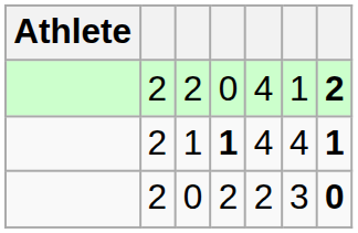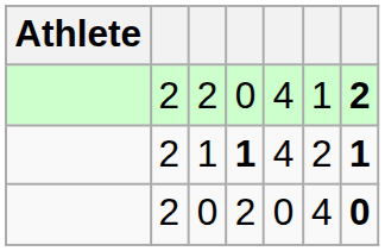 <table class=wikitable style="text-align:center">
 <tr>
 <th>Athlete</th>
 <th></th>
 <th></th>
 <th></th>
 <th></th>
 <th></th>
 <th></th>
 </tr>
 <tr bgcolor=ccffcc>
 <td style="text-align:left"></td>
 <td>2</td>
 <td>2</td>
 <td>0</td>
 <td>4</td>
 <td>1</td>
 <td><strong>2</strong></td>
 </tr>
 <tr>
 <td style="text-align:left"></td>
 <td>2</td>
 <td>1</td>
 <td><strong>1</strong></td>
 <td>4</td>
-<td>4</td>
+<td>2</td>
 <td><strong>1</strong></td>
 </tr>
 <tr>
 <td style="text-align:left"></td>
 <td>2</td>
 <td>0</td>
 <td>2</td>
-<td>2</td>
-<td>3</td>
+<td>0</td>
+<td>4</td>
 <td><strong>0</strong></td>
 </tr>
 </table>
